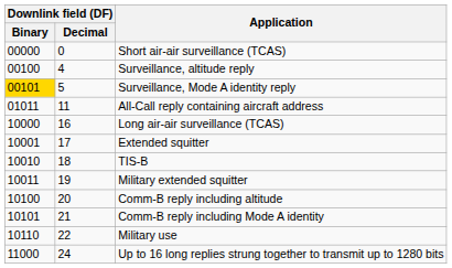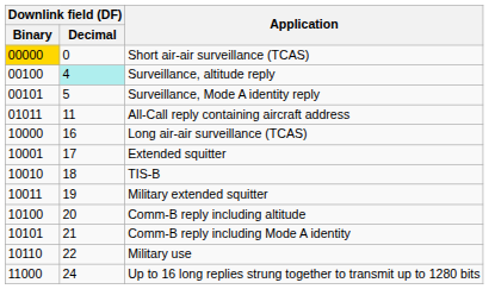 <table class="wikitable">
 <tr>
 <th colspan=2>Downlink field (DF)</th>
 <th rowspan=2>Application</th>
 </tr>
 <tr>
 <th>Binary</th>
 <th>Decimal</th>
 </tr>
 <tr>
-<td>00000</td>
+<td style="background: gold;">00000</td>
 <td>0</td>
 <td>Short air-air surveillance (TCAS)</td>
 </tr>
 <tr>
 <td>00100</td>
-<td>4</td>
+<td style="background: paleturquoise;">4</td>
 <td>Surveillance, altitude reply</td>
 </tr>
 <tr>
-<td style="background: gold;">00101</td>
+<td>00101</td>
 <td>5</td>
 <td>Surveillance, Mode A identity reply</td>
 </tr>
 <tr>
 <td>01011</td>
 <td>11</td>
 <td>All-Call reply containing aircraft address</td>
 </tr>
 <tr>
 <td>10000</td>
 <td>16</td>
 <td>Long air-air surveillance (TCAS)</td>
 </tr>
 <tr>
 <td>10001</td>
 <td>17</td>
 <td>Extended squitter</td>
 </tr>
 <tr>
 <td>10010</td>
 <td>18</td>
 <td>TIS-B</td>
 </tr>
 <tr>
 <td>10011</td>
 <td>19</td>
 <td>Military extended squitter</td>
 </tr>
 <tr>
 <td>10100</td>
 <td>20</td>
 <td>Comm-B reply including altitude</td>
 </tr>
 <tr>
 <td>10101</td>
 <td>21</td>
 <td>Comm-B reply including Mode A identity</td>
 </tr>
 <tr>
 <td>10110</td>
 <td>22</td>
 <td>Military use</td>
 </tr>
 <tr>
 <td>11000</td>
 <td>24</td>
 <td>Up to 16 long replies strung together to transmit up to 1280 bits</td>
 </tr>
 </table>
